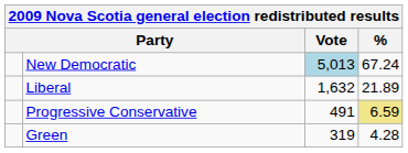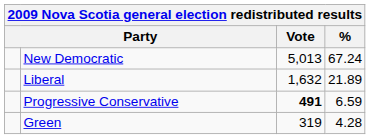 <table class="wikitable">
 <tr>
 <th colspan="4"><a href='#'>2009 Nova Scotia general election</a> redistributed results</th>
 </tr>
 <tr>
 <th bgcolor="#DDDDFF" width="130px" colspan="2">Party</th>
 <th bgcolor="#DDDDFF" width="50px">Vote</th>
 <th bgcolor="#DDDDFF" width="30px">%</th>
 </tr>
 <tr>
 <td> </td>
 <td><a href='#'>New Democratic</a></td>
-<td align=right style="background: lightblue;">5,013</td>
+<td align=right>5,013</td>
 <td align=right>67.24</td>
 </tr>
 <tr>
 <td> </td>
 <td><a href='#'>Liberal</a></td>
 <td align=right>1,632</td>
 <td align=right>21.89</td>
 </tr>
 <tr>
 <td> </td>
 <td><a href='#'>Progressive Conservative</a></td>
-<td align=right>491</td>
-<td align=right style="background: khaki;">6.59</td>
+<td align=right><strong>491</strong></td>
+<td align=right>6.59</td>
 </tr>
 <tr>
 <td> </td>
 <td><a href='#'>Green</a></td>
 <td align=right>319</td>
 <td align=right>4.28</td>
 </tr>
 </table>
